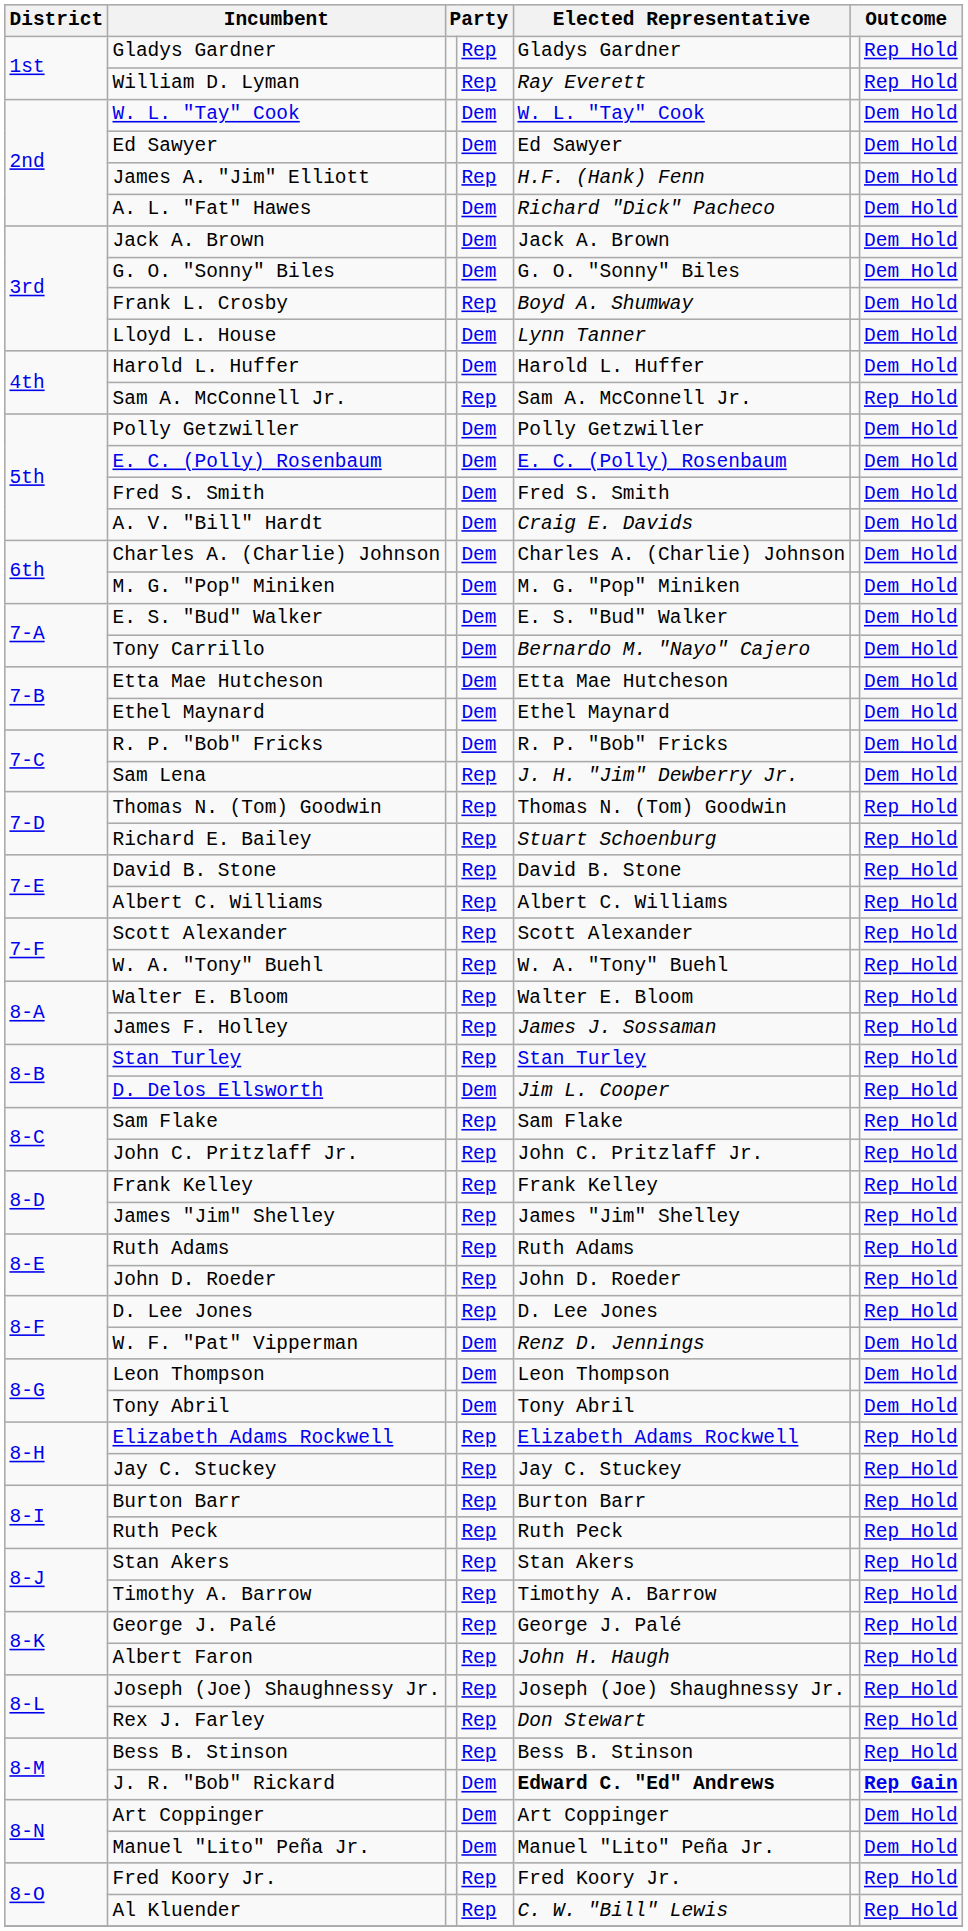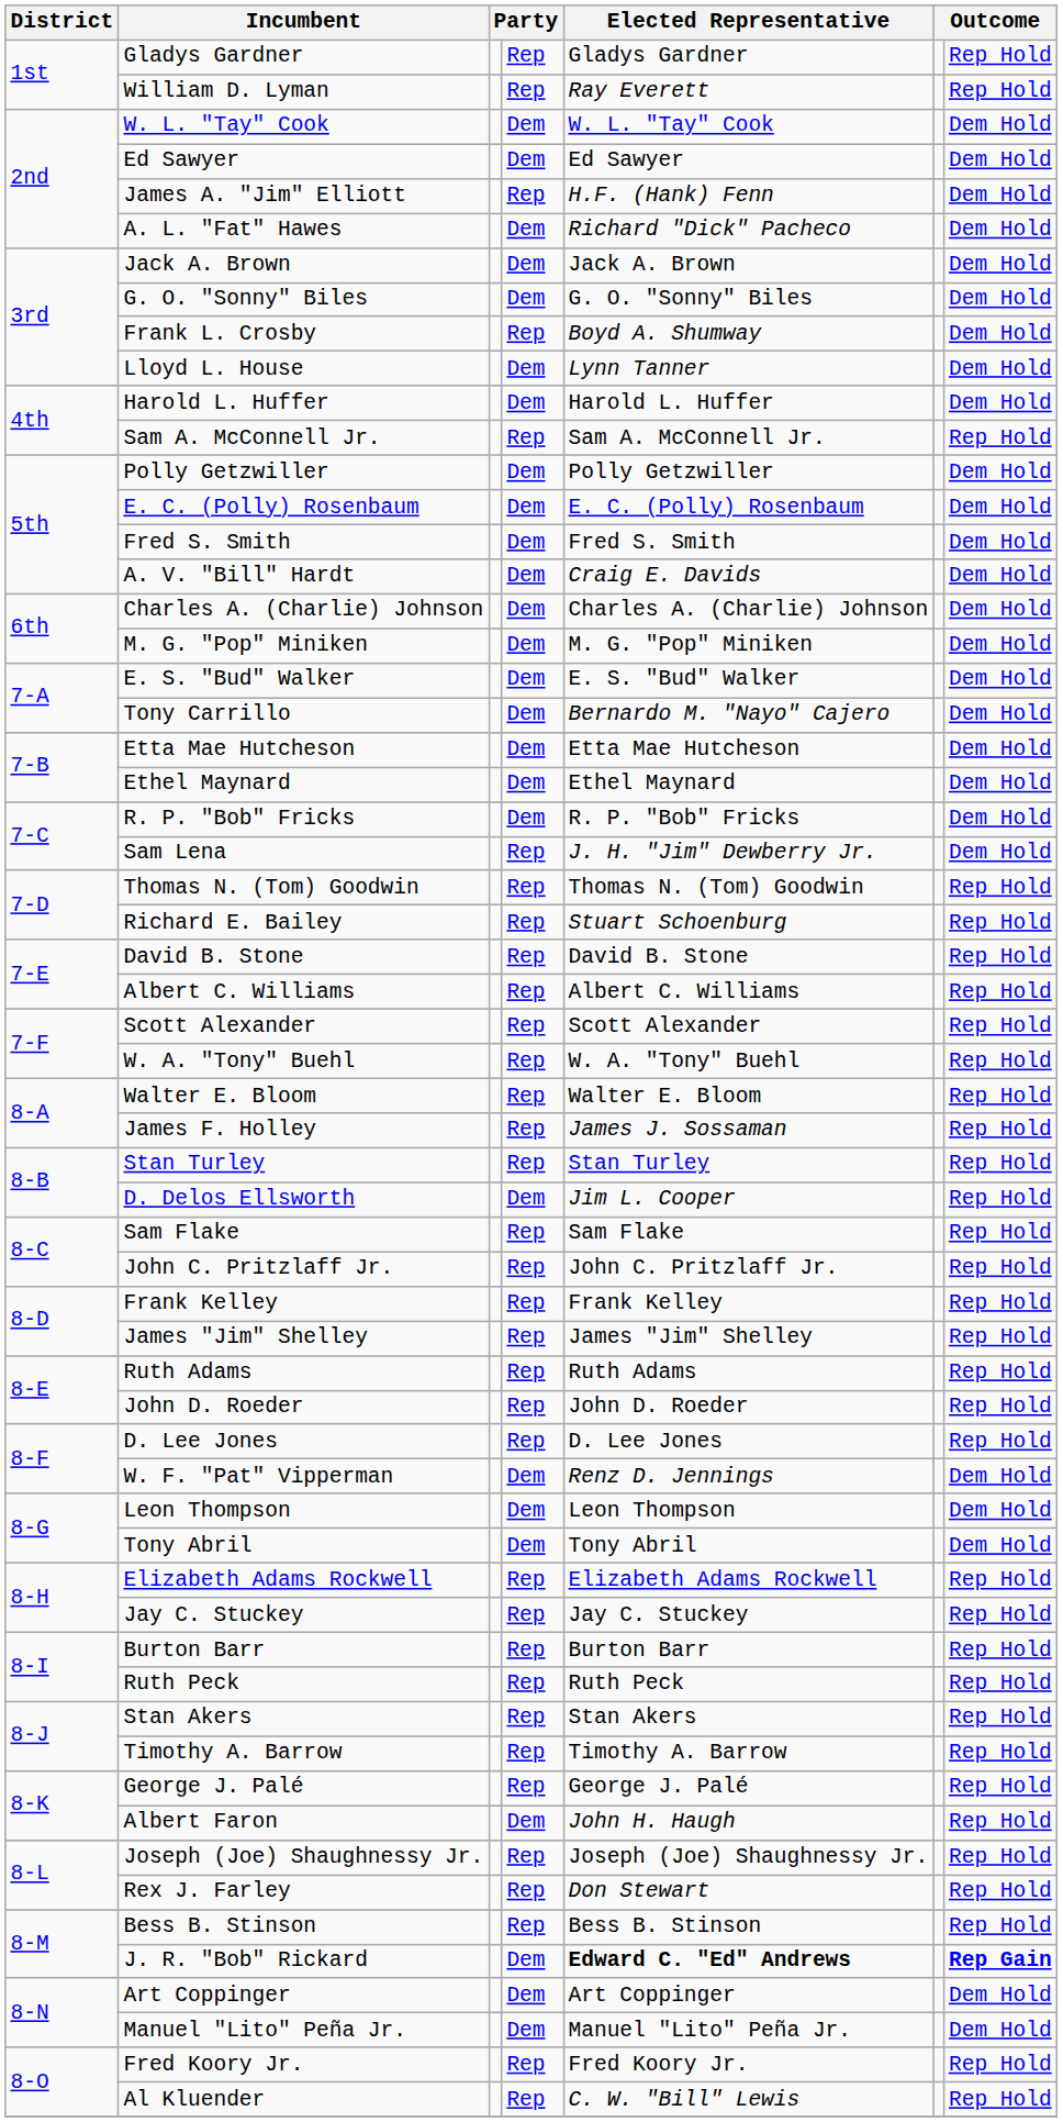 <table class="sortable wikitable" style="font-size:95%;line-height:14px;">
 <tr>
 <th>District</th>
 <th>Incumbent</th>
 <th colspan="2">Party</th>
 <th>Elected Representative</th>
 <th colspan="2">Outcome</th>
 </tr>
 <tr>
 <td rowspan="2"><a href='#'>1st</a></td>
 <td>Gladys Gardner</td>
 <td style="background:"></td>
 <td><a href='#'>Rep</a></td>
 <td>Gladys Gardner</td>
 <td style="background:"></td>
 <td><a href='#'>Rep Hold</a></td>
 </tr>
 <tr>
 <td>William D. Lyman</td>
 <td style="background:"></td>
 <td><a href='#'>Rep</a></td>
 <td><em>Ray Everett</em></td>
 <td style="background:"></td>
 <td><a href='#'>Rep Hold</a></td>
 </tr>
 <tr>
 <td rowspan="4"><a href='#'>2nd</a></td>
 <td><a href='#'>W. L. "Tay" Cook</a></td>
 <td style="background:"></td>
 <td><a href='#'>Dem</a></td>
 <td><a href='#'>W. L. "Tay" Cook</a></td>
 <td style="background:"></td>
 <td><a href='#'>Dem Hold</a></td>
 </tr>
 <tr>
 <td>Ed Sawyer</td>
 <td style="background:"></td>
 <td><a href='#'>Dem</a></td>
 <td>Ed Sawyer</td>
 <td style="background:"></td>
 <td><a href='#'>Dem Hold</a></td>
 </tr>
 <tr>
 <td>James A. "Jim" Elliott</td>
 <td style="background:"></td>
 <td><a href='#'>Rep</a></td>
 <td><em>H.F. (Hank) Fenn</em></td>
 <td style="background:"></td>
 <td><a href='#'>Dem Hold</a></td>
 </tr>
 <tr>
 <td>A. L. "Fat" Hawes</td>
 <td style="background:"></td>
 <td><a href='#'>Dem</a></td>
 <td><em>Richard "Dick" Pacheco</em></td>
 <td style="background:"></td>
 <td><a href='#'>Dem Hold</a></td>
 </tr>
 <tr>
 <td rowspan="4"><a href='#'>3rd</a></td>
 <td>Jack A. Brown</td>
 <td style="background:"></td>
 <td><a href='#'>Dem</a></td>
 <td>Jack A. Brown</td>
 <td style="background:"></td>
 <td><a href='#'>Dem Hold</a></td>
 </tr>
 <tr>
 <td>G. O. "Sonny" Biles</td>
 <td style="background:"></td>
 <td><a href='#'>Dem</a></td>
 <td>G. O. "Sonny" Biles</td>
 <td style="background:"></td>
 <td><a href='#'>Dem Hold</a></td>
 </tr>
 <tr>
 <td>Frank L. Crosby</td>
 <td style="background:"></td>
 <td><a href='#'>Rep</a></td>
 <td><em>Boyd A. Shumway</em></td>
 <td style="background:"></td>
 <td><a href='#'>Dem Hold</a></td>
 </tr>
 <tr>
 <td>Lloyd L. House</td>
 <td style="background:"></td>
 <td><a href='#'>Dem</a></td>
 <td><em>Lynn Tanner</em></td>
 <td style="background:"></td>
 <td><a href='#'>Dem Hold</a></td>
 </tr>
 <tr>
 <td rowspan="2"><a href='#'>4th</a></td>
 <td>Harold L. Huffer</td>
 <td style="background:"></td>
 <td><a href='#'>Dem</a></td>
 <td>Harold L. Huffer</td>
 <td style="background:"></td>
 <td><a href='#'>Dem Hold</a></td>
 </tr>
 <tr>
 <td>Sam A. McConnell Jr.</td>
 <td style="background:"></td>
 <td><a href='#'>Rep</a></td>
 <td>Sam A. McConnell Jr.</td>
 <td style="background:"></td>
 <td><a href='#'>Rep Hold</a></td>
 </tr>
 <tr>
 <td rowspan="4"><a href='#'>5th</a></td>
 <td>Polly Getzwiller</td>
 <td style="background:"></td>
 <td><a href='#'>Dem</a></td>
 <td>Polly Getzwiller</td>
 <td style="background:"></td>
 <td><a href='#'>Dem Hold</a></td>
 </tr>
 <tr>
 <td><a href='#'>E. C. (Polly) Rosenbaum</a></td>
 <td style="background:"></td>
 <td><a href='#'>Dem</a></td>
 <td><a href='#'>E. C. (Polly) Rosenbaum</a></td>
 <td style="background:"></td>
 <td><a href='#'>Dem Hold</a></td>
 </tr>
 <tr>
 <td>Fred S. Smith</td>
 <td style="background:"></td>
 <td><a href='#'>Dem</a></td>
 <td>Fred S. Smith</td>
 <td style="background:"></td>
 <td><a href='#'>Dem Hold</a></td>
 </tr>
 <tr>
 <td>A. V. "Bill" Hardt</td>
 <td style="background:"></td>
 <td><a href='#'>Dem</a></td>
 <td><em>Craig E. Davids</em></td>
 <td style="background:"></td>
 <td><a href='#'>Dem Hold</a></td>
 </tr>
 <tr>
 <td rowspan="2"><a href='#'>6th</a></td>
 <td>Charles A. (Charlie) Johnson</td>
 <td style="background:"></td>
 <td><a href='#'>Dem</a></td>
 <td>Charles A. (Charlie) Johnson</td>
 <td style="background:"></td>
 <td><a href='#'>Dem Hold</a></td>
 </tr>
 <tr>
 <td>M. G. "Pop" Miniken</td>
 <td style="background:"></td>
 <td><a href='#'>Dem</a></td>
 <td>M. G. "Pop" Miniken</td>
 <td style="background:"></td>
 <td><a href='#'>Dem Hold</a></td>
 </tr>
 <tr>
 <td rowspan="2"><a href='#'>7-A</a></td>
 <td>E. S. "Bud" Walker</td>
 <td style="background:"></td>
 <td><a href='#'>Dem</a></td>
 <td>E. S. "Bud" Walker</td>
 <td style="background:"></td>
 <td><a href='#'>Dem Hold</a></td>
 </tr>
 <tr>
 <td>Tony Carrillo</td>
 <td style="background:"></td>
 <td><a href='#'>Dem</a></td>
 <td><em>Bernardo M. "Nayo" Cajero</em></td>
 <td style="background:"></td>
 <td><a href='#'>Dem Hold</a></td>
 </tr>
 <tr>
 <td rowspan="2"><a href='#'>7-B</a></td>
 <td>Etta Mae Hutcheson</td>
 <td style="background:"></td>
 <td><a href='#'>Dem</a></td>
 <td>Etta Mae Hutcheson</td>
 <td style="background:"></td>
 <td><a href='#'>Dem Hold</a></td>
 </tr>
 <tr>
 <td>Ethel Maynard</td>
 <td style="background:"></td>
 <td><a href='#'>Dem</a></td>
 <td>Ethel Maynard</td>
 <td style="background:"></td>
 <td><a href='#'>Dem Hold</a></td>
 </tr>
 <tr>
 <td rowspan="2"><a href='#'>7-C</a></td>
 <td>R. P. "Bob" Fricks</td>
 <td style="background:"></td>
 <td><a href='#'>Dem</a></td>
 <td>R. P. "Bob" Fricks</td>
 <td style="background:"></td>
 <td><a href='#'>Dem Hold</a></td>
 </tr>
 <tr>
 <td>Sam Lena</td>
 <td style="background:"></td>
 <td><a href='#'>Rep</a></td>
 <td><em>J. H. "Jim" Dewberry Jr.</em></td>
 <td style="background:"></td>
 <td><a href='#'>Dem Hold</a></td>
 </tr>
 <tr>
 <td rowspan="2"><a href='#'>7-D</a></td>
 <td>Thomas N. (Tom) Goodwin</td>
 <td style="background:"></td>
 <td><a href='#'>Rep</a></td>
 <td>Thomas N. (Tom) Goodwin</td>
 <td style="background:"></td>
 <td><a href='#'>Rep Hold</a></td>
 </tr>
 <tr>
 <td>Richard E. Bailey</td>
 <td style="background:"></td>
 <td><a href='#'>Rep</a></td>
 <td><em>Stuart Schoenburg</em></td>
 <td style="background:"></td>
 <td><a href='#'>Rep Hold</a></td>
 </tr>
 <tr>
 <td rowspan="2"><a href='#'>7-E</a></td>
 <td>David B. Stone</td>
 <td style="background:"></td>
 <td><a href='#'>Rep</a></td>
 <td>David B. Stone</td>
 <td style="background:"></td>
 <td><a href='#'>Rep Hold</a></td>
 </tr>
 <tr>
 <td>Albert C. Williams</td>
 <td style="background:"></td>
 <td><a href='#'>Rep</a></td>
 <td>Albert C. Williams</td>
 <td style="background:"></td>
 <td><a href='#'>Rep Hold</a></td>
 </tr>
 <tr>
 <td rowspan="2"><a href='#'>7-F</a></td>
 <td>Scott Alexander</td>
 <td style="background:"></td>
 <td><a href='#'>Rep</a></td>
 <td>Scott Alexander</td>
 <td style="background:"></td>
 <td><a href='#'>Rep Hold</a></td>
 </tr>
 <tr>
 <td>W. A. "Tony" Buehl</td>
 <td style="background:"></td>
 <td><a href='#'>Rep</a></td>
 <td>W. A. "Tony" Buehl</td>
 <td style="background:"></td>
 <td><a href='#'>Rep Hold</a></td>
 </tr>
 <tr>
 <td rowspan="2"><a href='#'>8-A</a></td>
 <td>Walter E. Bloom</td>
 <td style="background:"></td>
 <td><a href='#'>Rep</a></td>
 <td>Walter E. Bloom</td>
 <td style="background:"></td>
 <td><a href='#'>Rep Hold</a></td>
 </tr>
 <tr>
 <td>James F. Holley</td>
 <td style="background:"></td>
 <td><a href='#'>Rep</a></td>
 <td><em>James J. Sossaman</em></td>
 <td style="background:"></td>
 <td><a href='#'>Rep Hold</a></td>
 </tr>
 <tr>
 <td rowspan="2"><a href='#'>8-B</a></td>
 <td><a href='#'>Stan Turley</a></td>
 <td style="background:"></td>
 <td><a href='#'>Rep</a></td>
 <td><a href='#'>Stan Turley</a></td>
 <td style="background:"></td>
 <td><a href='#'>Rep Hold</a></td>
 </tr>
 <tr>
 <td><a href='#'>D. Delos Ellsworth</a></td>
 <td style="background:"></td>
 <td><a href='#'>Dem</a></td>
 <td><em>Jim L. Cooper</em></td>
 <td style="background:"></td>
 <td><a href='#'>Rep Hold</a></td>
 </tr>
 <tr>
 <td rowspan="2"><a href='#'>8-C</a></td>
 <td>Sam Flake</td>
 <td style="background:"></td>
 <td><a href='#'>Rep</a></td>
 <td>Sam Flake</td>
 <td style="background:"></td>
 <td><a href='#'>Rep Hold</a></td>
 </tr>
 <tr>
 <td>John C. Pritzlaff Jr.</td>
 <td style="background:"></td>
 <td><a href='#'>Rep</a></td>
 <td>John C. Pritzlaff Jr.</td>
 <td style="background:"></td>
 <td><a href='#'>Rep Hold</a></td>
 </tr>
 <tr>
 <td rowspan="2"><a href='#'>8-D</a></td>
 <td>Frank Kelley</td>
 <td style="background:"></td>
 <td><a href='#'>Rep</a></td>
 <td>Frank Kelley</td>
 <td style="background:"></td>
 <td><a href='#'>Rep Hold</a></td>
 </tr>
 <tr>
 <td>James "Jim" Shelley</td>
 <td style="background:"></td>
 <td><a href='#'>Rep</a></td>
 <td>James "Jim" Shelley</td>
 <td style="background:"></td>
 <td><a href='#'>Rep Hold</a></td>
 </tr>
 <tr>
 <td rowspan="2"><a href='#'>8-E</a></td>
 <td>Ruth Adams</td>
 <td style="background:"></td>
 <td><a href='#'>Rep</a></td>
 <td>Ruth Adams</td>
 <td style="background:"></td>
 <td><a href='#'>Rep Hold</a></td>
 </tr>
 <tr>
 <td>John D. Roeder</td>
 <td style="background:"></td>
 <td><a href='#'>Rep</a></td>
 <td>John D. Roeder</td>
 <td style="background:"></td>
 <td><a href='#'>Rep Hold</a></td>
 </tr>
 <tr>
 <td rowspan="2"><a href='#'>8-F</a></td>
 <td>D. Lee Jones</td>
 <td style="background:"></td>
 <td><a href='#'>Rep</a></td>
 <td>D. Lee Jones</td>
 <td style="background:"></td>
 <td><a href='#'>Rep Hold</a></td>
 </tr>
 <tr>
 <td>W. F. "Pat" Vipperman</td>
 <td style="background:"></td>
 <td><a href='#'>Dem</a></td>
 <td><em>Renz D. Jennings</em></td>
 <td style="background:"></td>
 <td><a href='#'>Dem Hold</a></td>
 </tr>
 <tr>
 <td rowspan="2"><a href='#'>8-G</a></td>
 <td>Leon Thompson</td>
 <td style="background:"></td>
 <td><a href='#'>Dem</a></td>
 <td>Leon Thompson</td>
 <td style="background:"></td>
 <td><a href='#'>Dem Hold</a></td>
 </tr>
 <tr>
 <td>Tony Abril</td>
 <td style="background:"></td>
 <td><a href='#'>Dem</a></td>
 <td>Tony Abril</td>
 <td style="background:"></td>
 <td><a href='#'>Dem Hold</a></td>
 </tr>
 <tr>
 <td rowspan="2"><a href='#'>8-H</a></td>
 <td><a href='#'>Elizabeth Adams Rockwell</a></td>
 <td style="background:"></td>
 <td><a href='#'>Rep</a></td>
 <td><a href='#'>Elizabeth Adams Rockwell</a></td>
 <td style="background:"></td>
 <td><a href='#'>Rep Hold</a></td>
 </tr>
 <tr>
 <td>Jay C. Stuckey</td>
 <td style="background:"></td>
 <td><a href='#'>Rep</a></td>
 <td>Jay C. Stuckey</td>
 <td style="background:"></td>
 <td><a href='#'>Rep Hold</a></td>
 </tr>
 <tr>
 <td rowspan="2"><a href='#'>8-I</a></td>
 <td>Burton Barr</td>
 <td style="background:"></td>
 <td><a href='#'>Rep</a></td>
 <td>Burton Barr</td>
 <td style="background:"></td>
 <td><a href='#'>Rep Hold</a></td>
 </tr>
 <tr>
 <td>Ruth Peck</td>
 <td style="background:"></td>
 <td><a href='#'>Rep</a></td>
 <td>Ruth Peck</td>
 <td style="background:"></td>
 <td><a href='#'>Rep Hold</a></td>
 </tr>
 <tr>
 <td rowspan="2"><a href='#'>8-J</a></td>
 <td>Stan Akers</td>
 <td style="background:"></td>
 <td><a href='#'>Rep</a></td>
 <td>Stan Akers</td>
 <td style="background:"></td>
 <td><a href='#'>Rep Hold</a></td>
 </tr>
 <tr>
 <td>Timothy A. Barrow</td>
 <td style="background:"></td>
 <td><a href='#'>Rep</a></td>
 <td>Timothy A. Barrow</td>
 <td style="background:"></td>
 <td><a href='#'>Rep Hold</a></td>
 </tr>
 <tr>
 <td rowspan="2"><a href='#'>8-K</a></td>
 <td>George J. Palé</td>
 <td style="background:"></td>
 <td><a href='#'>Rep</a></td>
 <td>George J. Palé</td>
 <td style="background:"></td>
 <td><a href='#'>Rep Hold</a></td>
 </tr>
 <tr>
 <td>Albert Faron</td>
 <td style="background:"></td>
-<td><a href='#'>Rep</a></td>
+<td><a href='#'>Dem</a></td>
 <td><em>John H. Haugh</em></td>
 <td style="background:"></td>
 <td><a href='#'>Rep Hold</a></td>
 </tr>
 <tr>
 <td rowspan="2"><a href='#'>8-L</a></td>
 <td>Joseph (Joe) Shaughnessy Jr.</td>
 <td style="background:"></td>
 <td><a href='#'>Rep</a></td>
 <td>Joseph (Joe) Shaughnessy Jr.</td>
 <td style="background:"></td>
 <td><a href='#'>Rep Hold</a></td>
 </tr>
 <tr>
 <td>Rex J. Farley</td>
 <td style="background:"></td>
 <td><a href='#'>Rep</a></td>
 <td><em>Don Stewart</em></td>
 <td style="background:"></td>
 <td><a href='#'>Rep Hold</a></td>
 </tr>
 <tr>
 <td rowspan="2"><a href='#'>8-M</a></td>
 <td>Bess B. Stinson</td>
 <td style="background:"></td>
 <td><a href='#'>Rep</a></td>
 <td>Bess B. Stinson</td>
 <td style="background:"></td>
 <td><a href='#'>Rep Hold</a></td>
 </tr>
 <tr>
 <td>J. R. "Bob" Rickard</td>
 <td style="background:"></td>
 <td><a href='#'>Dem</a></td>
 <td><strong>Edward C. "Ed" Andrews</strong></td>
 <td style="background:"></td>
 <td><strong><a href='#'>Rep Gain</a></strong></td>
 </tr>
 <tr>
 <td rowspan="2"><a href='#'>8-N</a></td>
 <td>Art Coppinger</td>
 <td style="background:"></td>
 <td><a href='#'>Dem</a></td>
 <td>Art Coppinger</td>
 <td style="background:"></td>
 <td><a href='#'>Dem Hold</a></td>
 </tr>
 <tr>
 <td>Manuel "Lito" Peña Jr.</td>
 <td style="background:"></td>
 <td><a href='#'>Dem</a></td>
 <td>Manuel "Lito" Peña Jr.</td>
 <td style="background:"></td>
 <td><a href='#'>Dem Hold</a></td>
 </tr>
 <tr>
 <td rowspan="2"><a href='#'>8-O</a></td>
 <td>Fred Koory Jr.</td>
 <td style="background:"></td>
 <td><a href='#'>Rep</a></td>
 <td>Fred Koory Jr.</td>
 <td style="background:"></td>
 <td><a href='#'>Rep Hold</a></td>
 </tr>
 <tr>
 <td>Al Kluender</td>
 <td style="background:"></td>
 <td><a href='#'>Rep</a></td>
 <td><em>C. W. "Bill" Lewis</em></td>
 <td style="background:"></td>
 <td><a href='#'>Rep Hold</a></td>
 </tr>
 <tr>
 </tr>
 </table>
